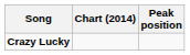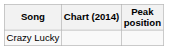 <table class="wikitable sortable plainrowheaders">
 <tr>
 <th>Song</th>
 <th>Chart (2014)</th>
 <th>Peak<br>position</th>
 </tr>
 <tr>
-<td><strong>Crazy Lucky</strong></td>
+<td>Crazy Lucky</td>
 <td></td>
 </tr>
 </table>
